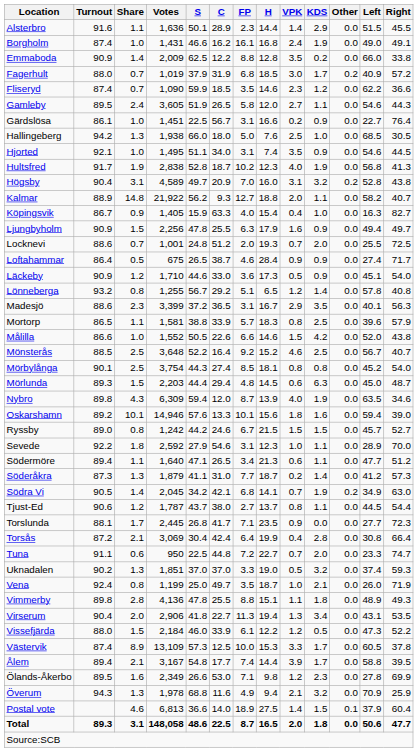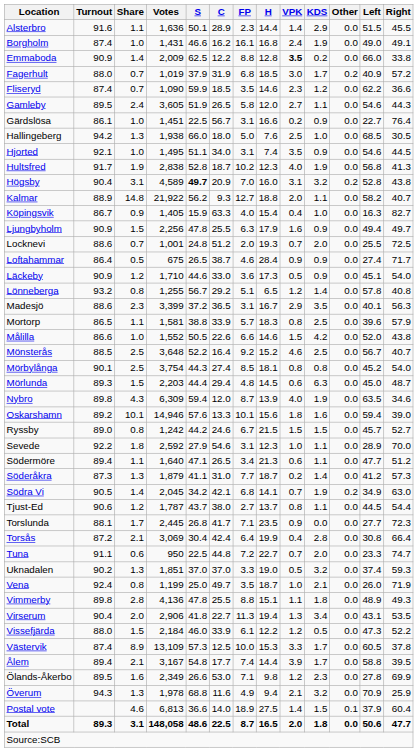 <table class="wikitable sortable" style=text-align:right>
 <tr>
 <th>Location</th>
 <th>Turnout</th>
 <th>Share</th>
 <th>Votes</th>
 <th><a href='#'>S</a></th>
 <th><a href='#'>C</a></th>
 <th><a href='#'>FP</a></th>
 <th><a href='#'>H</a></th>
 <th><a href='#'>VPK</a></th>
 <th><a href='#'>KDS</a></th>
 <th>Other</th>
 <th>Left</th>
 <th>Right</th>
 </tr>
 <tr>
 <td align=left><a href='#'>Alsterbro</a></td>
 <td>91.6</td>
 <td>1.1</td>
 <td>1,636</td>
 <td>50.1</td>
 <td>28.9</td>
 <td>2.3</td>
 <td>14.4</td>
 <td>1.4</td>
 <td>2.9</td>
 <td>0.0</td>
 <td>51.5</td>
 <td>45.5</td>
 </tr>
 <tr>
 <td align=left><a href='#'>Borgholm</a></td>
 <td>87.4</td>
 <td>1.0</td>
 <td>1,431</td>
 <td>46.6</td>
 <td>16.2</td>
 <td>16.1</td>
 <td>16.8</td>
 <td>2.4</td>
 <td>1.9</td>
 <td>0.0</td>
 <td>49.0</td>
 <td>49.1</td>
 </tr>
 <tr>
 <td align=left><a href='#'>Emmaboda</a></td>
 <td>90.9</td>
 <td>1.4</td>
 <td>2,009</td>
 <td>62.5</td>
 <td>12.2</td>
 <td>8.8</td>
 <td>12.8</td>
-<td>3.5</td>
+<td><strong>3.5</strong></td>
 <td>0.2</td>
 <td>0.0</td>
 <td>66.0</td>
 <td>33.8</td>
 </tr>
 <tr>
 <td align=left><a href='#'>Fagerhult</a></td>
 <td>88.0</td>
 <td>0.7</td>
 <td>1,019</td>
 <td>37.9</td>
 <td>31.9</td>
 <td>6.8</td>
 <td>18.5</td>
 <td>3.0</td>
 <td>1.7</td>
 <td>0.2</td>
 <td>40.9</td>
 <td>57.2</td>
 </tr>
 <tr>
 <td align=left><a href='#'>Fliseryd</a></td>
 <td>87.4</td>
 <td>0.7</td>
 <td>1,090</td>
 <td>59.9</td>
 <td>18.5</td>
 <td>3.5</td>
 <td>14.6</td>
 <td>2.3</td>
 <td>1.2</td>
 <td>0.0</td>
 <td>62.2</td>
 <td>36.6</td>
 </tr>
 <tr>
 <td align=left><a href='#'>Gamleby</a></td>
 <td>89.5</td>
 <td>2.4</td>
 <td>3,605</td>
 <td>51.9</td>
 <td>26.5</td>
 <td>5.8</td>
 <td>12.0</td>
 <td>2.7</td>
 <td>1.1</td>
 <td>0.0</td>
 <td>54.6</td>
 <td>44.3</td>
 </tr>
 <tr>
 <td align=left>Gärdslösa</td>
 <td>86.1</td>
 <td>1.0</td>
 <td>1,451</td>
 <td>22.5</td>
 <td>56.7</td>
 <td>3.1</td>
 <td>16.6</td>
 <td>0.2</td>
 <td>0.9</td>
 <td>0.0</td>
 <td>22.7</td>
 <td>76.4</td>
 </tr>
 <tr>
 <td align=left>Hallingeberg</td>
 <td>94.2</td>
 <td>1.3</td>
 <td>1,938</td>
 <td>66.0</td>
 <td>18.0</td>
 <td>5.0</td>
 <td>7.6</td>
 <td>2.5</td>
 <td>1.0</td>
 <td>0.0</td>
 <td>68.5</td>
 <td>30.5</td>
 </tr>
 <tr>
 <td align=left><a href='#'>Hjorted</a></td>
 <td>92.1</td>
 <td>1.0</td>
 <td>1,495</td>
 <td>51.1</td>
 <td>34.0</td>
 <td>3.1</td>
 <td>7.4</td>
 <td>3.5</td>
 <td>0.9</td>
 <td>0.0</td>
 <td>54.6</td>
 <td>44.5</td>
 </tr>
 <tr>
 <td align=left><a href='#'>Hultsfred</a></td>
 <td>91.7</td>
 <td>1.9</td>
 <td>2,838</td>
 <td>52.8</td>
 <td>18.7</td>
 <td>10.2</td>
 <td>12.3</td>
 <td>4.0</td>
 <td>1.9</td>
 <td>0.0</td>
 <td>56.8</td>
 <td>41.3</td>
 </tr>
 <tr>
 <td align=left><a href='#'>Högsby</a></td>
 <td>90.4</td>
 <td>3.1</td>
 <td>4,589</td>
-<td>49.7</td>
+<td><strong>49.7</strong></td>
 <td>20.9</td>
 <td>7.0</td>
 <td>16.0</td>
 <td>3.1</td>
 <td>3.2</td>
 <td>0.2</td>
 <td>52.8</td>
 <td>43.8</td>
 </tr>
 <tr>
 <td align=left><a href='#'>Kalmar</a></td>
 <td>88.9</td>
 <td>14.8</td>
 <td>21,922</td>
 <td>56.2</td>
 <td>9.3</td>
 <td>12.7</td>
 <td>18.8</td>
 <td>2.0</td>
 <td>1.1</td>
 <td>0.0</td>
 <td>58.2</td>
 <td>40.7</td>
 </tr>
 <tr>
 <td align=left><a href='#'>Köpingsvik</a></td>
 <td>86.7</td>
 <td>0.9</td>
 <td>1,405</td>
 <td>15.9</td>
 <td>63.3</td>
 <td>4.0</td>
 <td>15.4</td>
 <td>0.4</td>
 <td>1.0</td>
 <td>0.0</td>
 <td>16.3</td>
 <td>82.7</td>
 </tr>
 <tr>
 <td align=left><a href='#'>Ljungbyholm</a></td>
 <td>90.9</td>
 <td>1.5</td>
 <td>2,256</td>
 <td>47.8</td>
 <td>25.5</td>
 <td>6.3</td>
 <td>17.9</td>
 <td>1.6</td>
 <td>0.9</td>
 <td>0.0</td>
 <td>49.4</td>
 <td>49.7</td>
 </tr>
 <tr>
 <td align=left>Locknevi</td>
 <td>88.6</td>
 <td>0.7</td>
 <td>1,001</td>
 <td>24.8</td>
 <td>51.2</td>
 <td>2.0</td>
 <td>19.3</td>
 <td>0.7</td>
 <td>2.0</td>
 <td>0.0</td>
 <td>25.5</td>
 <td>72.5</td>
 </tr>
 <tr>
 <td align=left><a href='#'>Loftahammar</a></td>
 <td>86.4</td>
 <td>0.5</td>
 <td>675</td>
 <td>26.5</td>
 <td>38.7</td>
 <td>4.6</td>
 <td>28.4</td>
 <td>0.9</td>
 <td>0.9</td>
 <td>0.0</td>
 <td>27.4</td>
 <td>71.7</td>
 </tr>
 <tr>
 <td align=left><a href='#'>Läckeby</a></td>
 <td>90.9</td>
 <td>1.2</td>
 <td>1,710</td>
 <td>44.6</td>
 <td>33.0</td>
 <td>3.6</td>
 <td>17.3</td>
 <td>0.5</td>
 <td>0.9</td>
 <td>0.0</td>
 <td>45.1</td>
 <td>54.0</td>
 </tr>
 <tr>
 <td align=left><a href='#'>Lönneberga</a></td>
 <td>93.2</td>
 <td>0.8</td>
 <td>1,255</td>
 <td>56.7</td>
 <td>29.2</td>
 <td>5.1</td>
 <td>6.5</td>
 <td>1.2</td>
 <td>1.4</td>
 <td>0.0</td>
 <td>57.8</td>
 <td>40.8</td>
 </tr>
 <tr>
 <td align=left>Madesjö</td>
 <td>88.6</td>
 <td>2.3</td>
 <td>3,399</td>
 <td>37.2</td>
 <td>36.5</td>
 <td>3.1</td>
 <td>16.7</td>
 <td>2.9</td>
 <td>3.5</td>
 <td>0.0</td>
 <td>40.1</td>
 <td>56.3</td>
 </tr>
 <tr>
 <td align=left>Mortorp</td>
 <td>86.5</td>
 <td>1.1</td>
 <td>1,581</td>
 <td>38.8</td>
 <td>33.9</td>
 <td>5.7</td>
 <td>18.3</td>
 <td>0.8</td>
 <td>2.5</td>
 <td>0.0</td>
 <td>39.6</td>
 <td>57.9</td>
 </tr>
 <tr>
 <td align=left><a href='#'>Målilla</a></td>
 <td>86.6</td>
 <td>1.0</td>
 <td>1,552</td>
 <td>50.5</td>
 <td>22.6</td>
 <td>6.6</td>
 <td>14.6</td>
 <td>1.5</td>
 <td>4.2</td>
 <td>0.0</td>
 <td>52.0</td>
 <td>43.8</td>
 </tr>
 <tr>
 <td align=left><a href='#'>Mönsterås</a></td>
 <td>88.5</td>
 <td>2.5</td>
 <td>3,648</td>
 <td>52.2</td>
 <td>16.4</td>
 <td>9.2</td>
 <td>15.2</td>
 <td>4.6</td>
 <td>2.5</td>
 <td>0.0</td>
 <td>56.7</td>
 <td>40.7</td>
 </tr>
 <tr>
 <td align=left><a href='#'>Mörbylånga</a></td>
 <td>90.1</td>
 <td>2.5</td>
 <td>3,754</td>
 <td>44.3</td>
 <td>27.4</td>
 <td>8.5</td>
 <td>18.1</td>
 <td>0.8</td>
 <td>0.8</td>
 <td>0.0</td>
 <td>45.2</td>
 <td>54.0</td>
 </tr>
 <tr>
 <td align=left><a href='#'>Mörlunda</a></td>
 <td>89.3</td>
 <td>1.5</td>
 <td>2,203</td>
 <td>44.4</td>
 <td>29.4</td>
 <td>4.8</td>
 <td>14.5</td>
 <td>0.6</td>
 <td>6.3</td>
 <td>0.0</td>
 <td>45.0</td>
 <td>48.7</td>
 </tr>
 <tr>
 <td align=left><a href='#'>Nybro</a></td>
 <td>89.8</td>
 <td>4.3</td>
 <td>6,309</td>
 <td>59.4</td>
 <td>12.0</td>
 <td>8.7</td>
 <td>13.9</td>
 <td>4.0</td>
 <td>1.9</td>
 <td>0.0</td>
 <td>63.5</td>
 <td>34.6</td>
 </tr>
 <tr>
 <td align=left><a href='#'>Oskarshamn</a></td>
 <td>89.2</td>
 <td>10.1</td>
 <td>14,946</td>
 <td>57.6</td>
 <td>13.3</td>
 <td>10.1</td>
 <td>15.6</td>
 <td>1.8</td>
 <td>1.6</td>
 <td>0.0</td>
 <td>59.4</td>
 <td>39.0</td>
 </tr>
 <tr>
 <td align=left>Ryssby</td>
 <td>89.0</td>
 <td>0.8</td>
 <td>1,242</td>
 <td>44.2</td>
 <td>24.6</td>
 <td>6.7</td>
 <td>21.5</td>
 <td>1.5</td>
 <td>1.5</td>
 <td>0.0</td>
 <td>45.7</td>
 <td>52.7</td>
 </tr>
 <tr>
 <td align=left>Sevede</td>
 <td>92.2</td>
 <td>1.8</td>
 <td>2,592</td>
 <td>27.9</td>
 <td>54.6</td>
 <td>3.1</td>
 <td>12.3</td>
 <td>1.0</td>
 <td>1.1</td>
 <td>0.0</td>
 <td>28.9</td>
 <td>70.0</td>
 </tr>
 <tr>
 <td align=left>Södermöre</td>
 <td>89.4</td>
 <td>1.1</td>
 <td>1,640</td>
 <td>47.1</td>
 <td>26.5</td>
 <td>3.4</td>
 <td>21.3</td>
 <td>0.6</td>
 <td>1.1</td>
 <td>0.0</td>
 <td>47.7</td>
 <td>51.2</td>
 </tr>
 <tr>
 <td align=left><a href='#'>Söderåkra</a></td>
 <td>87.3</td>
 <td>1.3</td>
 <td>1,879</td>
 <td>41.1</td>
 <td>31.0</td>
 <td>7.7</td>
 <td>18.7</td>
 <td>0.2</td>
 <td>1.4</td>
 <td>0.0</td>
 <td>41.2</td>
 <td>57.3</td>
 </tr>
 <tr>
 <td align=left><a href='#'>Södra Vi</a></td>
 <td>90.5</td>
 <td>1.4</td>
 <td>2,045</td>
 <td>34.2</td>
 <td>42.1</td>
 <td>6.8</td>
 <td>14.1</td>
 <td>0.7</td>
 <td>1.9</td>
 <td>0.2</td>
 <td>34.9</td>
 <td>63.0</td>
 </tr>
 <tr>
 <td align=left>Tjust-Ed</td>
 <td>90.6</td>
 <td>1.2</td>
 <td>1,787</td>
 <td>43.7</td>
 <td>38.0</td>
 <td>2.7</td>
 <td>13.7</td>
 <td>0.8</td>
 <td>1.1</td>
 <td>0.0</td>
 <td>44.5</td>
 <td>54.4</td>
 </tr>
 <tr>
 <td align=left>Torslunda</td>
 <td>88.1</td>
 <td>1.7</td>
 <td>2,445</td>
 <td>26.8</td>
 <td>41.7</td>
 <td>7.1</td>
 <td>23.5</td>
 <td>0.9</td>
 <td>0.0</td>
 <td>0.0</td>
 <td>27.7</td>
 <td>72.3</td>
 </tr>
 <tr>
 <td align=left><a href='#'>Torsås</a></td>
 <td>87.2</td>
 <td>2.1</td>
 <td>3,069</td>
 <td>30.4</td>
 <td>42.4</td>
 <td>6.4</td>
 <td>19.9</td>
 <td>0.4</td>
 <td>2.8</td>
 <td>0.0</td>
 <td>30.8</td>
 <td>66.4</td>
 </tr>
 <tr>
 <td align=left><a href='#'>Tuna</a></td>
 <td>91.1</td>
 <td>0.6</td>
 <td>950</td>
 <td>22.5</td>
 <td>44.8</td>
 <td>7.2</td>
 <td>22.7</td>
 <td>0.7</td>
 <td>2.0</td>
 <td>0.0</td>
 <td>23.3</td>
 <td>74.7</td>
 </tr>
 <tr>
 <td align=left>Uknadalen</td>
 <td>90.2</td>
 <td>1.3</td>
 <td>1,851</td>
 <td>37.0</td>
 <td>37.0</td>
 <td>3.3</td>
 <td>19.0</td>
 <td>0.5</td>
 <td>3.2</td>
 <td>0.0</td>
 <td>37.4</td>
 <td>59.3</td>
 </tr>
 <tr>
 <td align=left><a href='#'>Vena</a></td>
 <td>92.4</td>
 <td>0.8</td>
 <td>1,199</td>
 <td>25.0</td>
 <td>49.7</td>
 <td>3.5</td>
 <td>18.7</td>
 <td>1.0</td>
 <td>2.1</td>
 <td>0.0</td>
 <td>26.0</td>
 <td>71.9</td>
 </tr>
 <tr>
 <td align=left><a href='#'>Vimmerby</a></td>
 <td>89.8</td>
 <td>2.8</td>
 <td>4,136</td>
 <td>47.8</td>
 <td>25.5</td>
 <td>8.8</td>
 <td>15.1</td>
 <td>1.1</td>
 <td>1.8</td>
 <td>0.0</td>
 <td>48.9</td>
 <td>49.3</td>
 </tr>
 <tr>
 <td align=left><a href='#'>Virserum</a></td>
 <td>90.4</td>
 <td>2.0</td>
 <td>2,906</td>
 <td>41.8</td>
 <td>22.7</td>
 <td>11.3</td>
 <td>19.4</td>
 <td>1.3</td>
 <td>3.4</td>
 <td>0.0</td>
 <td>43.1</td>
 <td>53.5</td>
 </tr>
 <tr>
 <td align=left><a href='#'>Vissefjärda</a></td>
 <td>88.0</td>
 <td>1.5</td>
 <td>2,184</td>
 <td>46.0</td>
 <td>33.9</td>
 <td>6.1</td>
 <td>12.2</td>
 <td>1.2</td>
 <td>0.5</td>
 <td>0.0</td>
 <td>47.3</td>
 <td>52.2</td>
 </tr>
 <tr>
 <td align=left><a href='#'>Västervik</a></td>
 <td>87.4</td>
 <td>8.9</td>
 <td>13,109</td>
 <td>57.3</td>
 <td>12.5</td>
 <td>10.0</td>
 <td>15.3</td>
 <td>3.3</td>
 <td>1.7</td>
 <td>0.0</td>
 <td>60.5</td>
 <td>37.8</td>
 </tr>
 <tr>
 <td align=left><a href='#'>Ålem</a></td>
 <td>89.4</td>
 <td>2.1</td>
 <td>3,167</td>
 <td>54.8</td>
 <td>17.7</td>
 <td>7.4</td>
 <td>14.4</td>
 <td>3.9</td>
 <td>1.7</td>
 <td>0.0</td>
 <td>58.8</td>
 <td>39.5</td>
 </tr>
 <tr>
 <td align=left>Ölands-Åkerbo</td>
 <td>89.5</td>
 <td>1.6</td>
 <td>2,349</td>
 <td>26.6</td>
 <td>53.0</td>
 <td>7.1</td>
 <td>9.8</td>
 <td>1.2</td>
 <td>2.3</td>
 <td>0.0</td>
 <td>27.8</td>
 <td>69.9</td>
 </tr>
 <tr>
 <td align=left><a href='#'>Överum</a></td>
 <td>94.3</td>
 <td>1.3</td>
 <td>1,978</td>
 <td>68.8</td>
 <td>11.6</td>
 <td>4.9</td>
 <td>9.4</td>
 <td>2.1</td>
 <td>3.2</td>
 <td>0.0</td>
 <td>70.9</td>
 <td>25.9</td>
 </tr>
 <tr>
 <td align=left><a href='#'>Postal vote</a></td>
 <td></td>
 <td>4.6</td>
 <td>6,813</td>
 <td>36.6</td>
 <td>14.0</td>
 <td>18.9</td>
 <td>27.5</td>
 <td>1.4</td>
 <td>1.5</td>
 <td>0.1</td>
 <td>37.9</td>
 <td>60.4</td>
 </tr>
 <tr>
 <td align=left><strong>Total</strong></td>
 <td><strong>89.3</strong></td>
 <td><strong>3.1</strong></td>
 <td><strong>148,058</strong></td>
 <td><strong>48.6</strong></td>
 <td><strong>22.5</strong></td>
 <td><strong>8.7</strong></td>
 <td><strong>16.5</strong></td>
 <td><strong>2.0</strong></td>
 <td><strong>1.8</strong></td>
 <td><strong>0.0</strong></td>
 <td><strong>50.6</strong></td>
 <td><strong>47.7</strong></td>
 </tr>
 <tr>
 <td align=left colspan=13>Source:SCB </td>
 </tr>
 </table>
